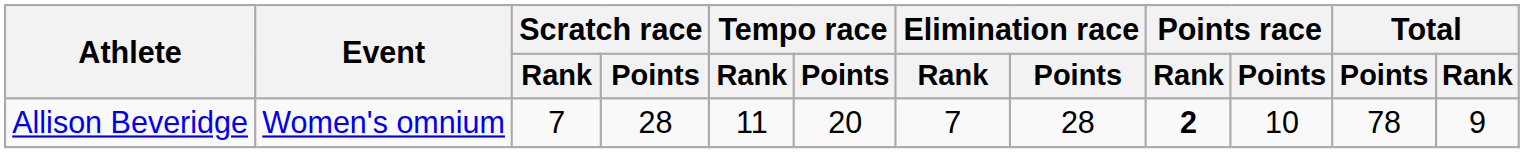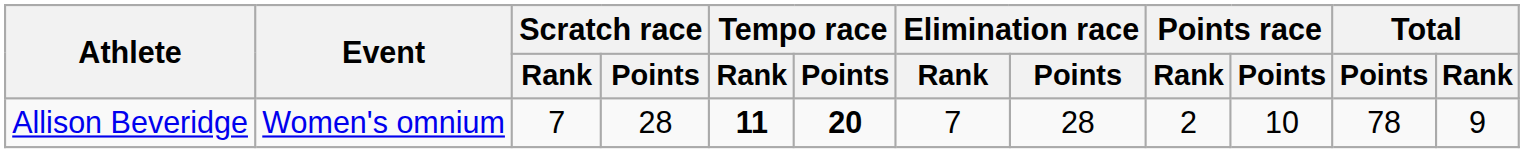 <table class=wikitable style=font-size:90%>
 <tr>
 <th rowspan=2>Athlete</th>
 <th rowspan=2>Event</th>
 <th colspan=2>Scratch race</th>
 <th colspan=2>Tempo race</th>
 <th colspan=2>Elimination race</th>
 <th colspan=2>Points race</th>
 <th colspan=2>Total</th>
 </tr>
 <tr style=font-size:95%>
 <th>Rank</th>
 <th>Points</th>
 <th>Rank</th>
 <th>Points</th>
 <th>Rank</th>
 <th>Points</th>
 <th>Rank</th>
 <th>Points</th>
 <th>Points</th>
 <th>Rank</th>
 </tr>
 <tr align=center>
 <td align=left><a href='#'>Allison Beveridge</a></td>
 <td align=left><a href='#'>Women's omnium</a></td>
 <td>7</td>
 <td>28</td>
-<td>11</td>
-<td>20</td>
+<td><strong>11</strong></td>
+<td><strong>20</strong></td>
 <td>7</td>
 <td>28</td>
-<td><strong>2</strong></td>
+<td>2</td>
 <td>10</td>
 <td>78</td>
 <td>9</td>
 </tr>
 </table>
